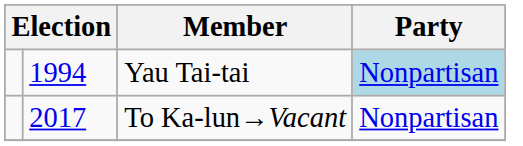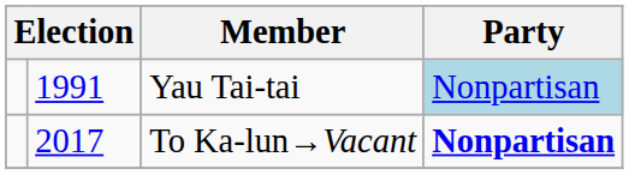 <table class="wikitable">
 <tr>
 <th colspan="2">Election</th>
 <th>Member</th>
 <th>Party</th>
 </tr>
 <tr>
 <td style="color:inherit;background:"></td>
-<td><a href='#'>1994</a></td>
+<td><a href='#'>1991</a></td>
 <td>Yau Tai-tai</td>
 <td style="background: lightblue;"><a href='#'>Nonpartisan</a></td>
 </tr>
 <tr>
 <td style="color:inherit;background:"></td>
 <td><a href='#'>2017</a></td>
 <td>To Ka-lun→<em>Vacant</em></td>
-<td><a href='#'>Nonpartisan</a></td>
+<td><strong><a href='#'>Nonpartisan</a></strong></td>
 </tr>
 <tr>
 </tr>
 </table>
